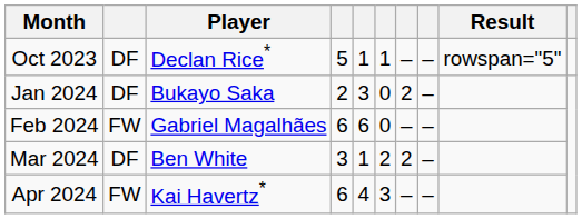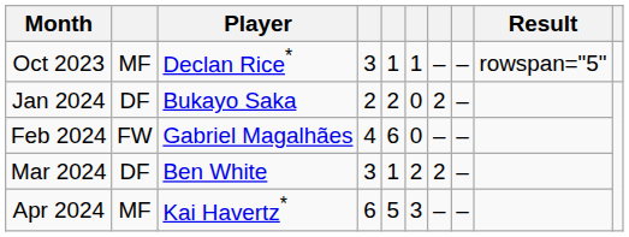 <table class="wikitable sortable" style="text-align:center; font-size:95%;">
 <tr>
 <th>Month</th>
 <th></th>
 <th>Player</th>
 <th></th>
 <th></th>
 <th></th>
 <th></th>
 <th></th>
 <th>Result</th>
 <th class="unsortable"></th>
 </tr>
 <tr>
 <td data-sort-value="1">Oct 2023</td>
-<td>DF</td>
+<td>MF</td>
 <td style="text-align:left;" data-sort-value="Rice"> <a href='#'>Declan Rice</a><sup>*</sup></td>
-<td>5</td>
+<td>3</td>
 <td>1</td>
 <td>1</td>
 <td>–</td>
 <td>–</td>
 <td>rowspan="5" </td>
 <td></td>
 </tr>
 <tr>
 <td data-sort-value="2">Jan 2024</td>
 <td>DF</td>
 <td style="text-align:left;" data-sort-value="Saka"> <a href='#'>Bukayo Saka</a></td>
 <td>2</td>
-<td>3</td>
+<td>2</td>
 <td>0</td>
 <td>2</td>
 <td>–</td>
 <td></td>
 </tr>
 <tr>
 <td data-sort-value="3">Feb 2024</td>
 <td>FW</td>
 <td style="text-align:left;" data-sort-value="Maga"> <a href='#'>Gabriel Magalhães</a></td>
-<td>6</td>
+<td>4</td>
 <td>6</td>
 <td>0</td>
 <td>–</td>
 <td>–</td>
 <td></td>
 </tr>
 <tr>
 <td data-sort-value="4">Mar 2024</td>
 <td>DF</td>
 <td style="text-align:left;" data-sort-value="Whit"> <a href='#'>Ben White</a></td>
 <td>3</td>
 <td>1</td>
 <td>2</td>
 <td>2</td>
 <td>–</td>
 <td></td>
 </tr>
 <tr>
 <td data-sort-value="5">Apr 2024</td>
-<td>FW</td>
+<td>MF</td>
 <td style="text-align:left;" data-sort-value="Have"> <a href='#'>Kai Havertz</a><sup>*</sup></td>
 <td>6</td>
-<td>4</td>
+<td>5</td>
 <td>3</td>
 <td>–</td>
 <td>–</td>
 <td></td>
 </tr>
 </table>
